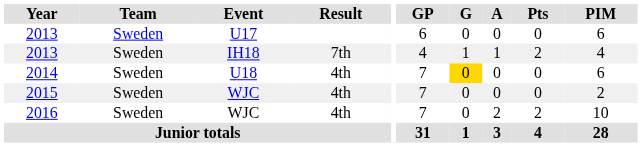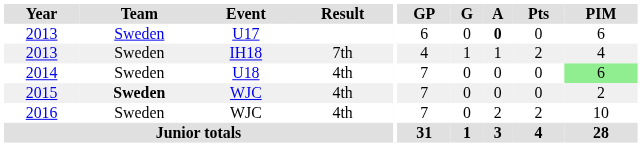 <table border="0" cellpadding="1" cellspacing="0" ID="Table3" style="text-align:center; width:40em;">
 <tr bgcolor="#e0e0e0">
 <th>Year</th>
 <th>Team</th>
 <th>Event</th>
 <th>Result</th>
 <th rowspan="99" bgcolor="#ffffff"></th>
 <th>GP</th>
 <th>G</th>
 <th>A</th>
 <th>Pts</th>
 <th>PIM</th>
 </tr>
 <tr>
 <td><a href='#'>2013</a></td>
 <td><a href='#'>Sweden</a></td>
 <td><a href='#'>U17</a></td>
 <td></td>
 <td>6</td>
 <td>0</td>
-<td>0</td>
+<td><strong>0</strong></td>
 <td>0</td>
 <td>6</td>
 </tr>
 <tr bgcolor="#f0f0f0">
 <td><a href='#'>2013</a></td>
 <td>Sweden</td>
 <td><a href='#'>IH18</a></td>
 <td>7th</td>
 <td>4</td>
 <td>1</td>
 <td>1</td>
 <td>2</td>
 <td>4</td>
 </tr>
 <tr>
 <td><a href='#'>2014</a></td>
 <td>Sweden</td>
 <td><a href='#'>U18</a></td>
 <td>4th</td>
 <td>7</td>
-<td style="background: gold;">0</td>
 <td>0</td>
 <td>0</td>
-<td>6</td>
+<td>0</td>
+<td style="background: lightgreen;">6</td>
 </tr>
 <tr bgcolor="#f0f0f0">
 <td><a href='#'>2015</a></td>
-<td>Sweden</td>
+<td><strong>Sweden</strong></td>
 <td><a href='#'>WJC</a></td>
 <td>4th</td>
 <td>7</td>
 <td>0</td>
 <td>0</td>
 <td>0</td>
 <td>2</td>
 </tr>
 <tr>
 <td><a href='#'>2016</a></td>
 <td>Sweden</td>
 <td>WJC</td>
 <td>4th</td>
 <td>7</td>
 <td>0</td>
 <td>2</td>
 <td>2</td>
 <td>10</td>
 </tr>
 <tr bgcolor="#e0e0e0">
 <th colspan="4">Junior totals</th>
 <th>31</th>
 <th>1</th>
 <th>3</th>
 <th>4</th>
 <th>28</th>
 </tr>
 </table>
